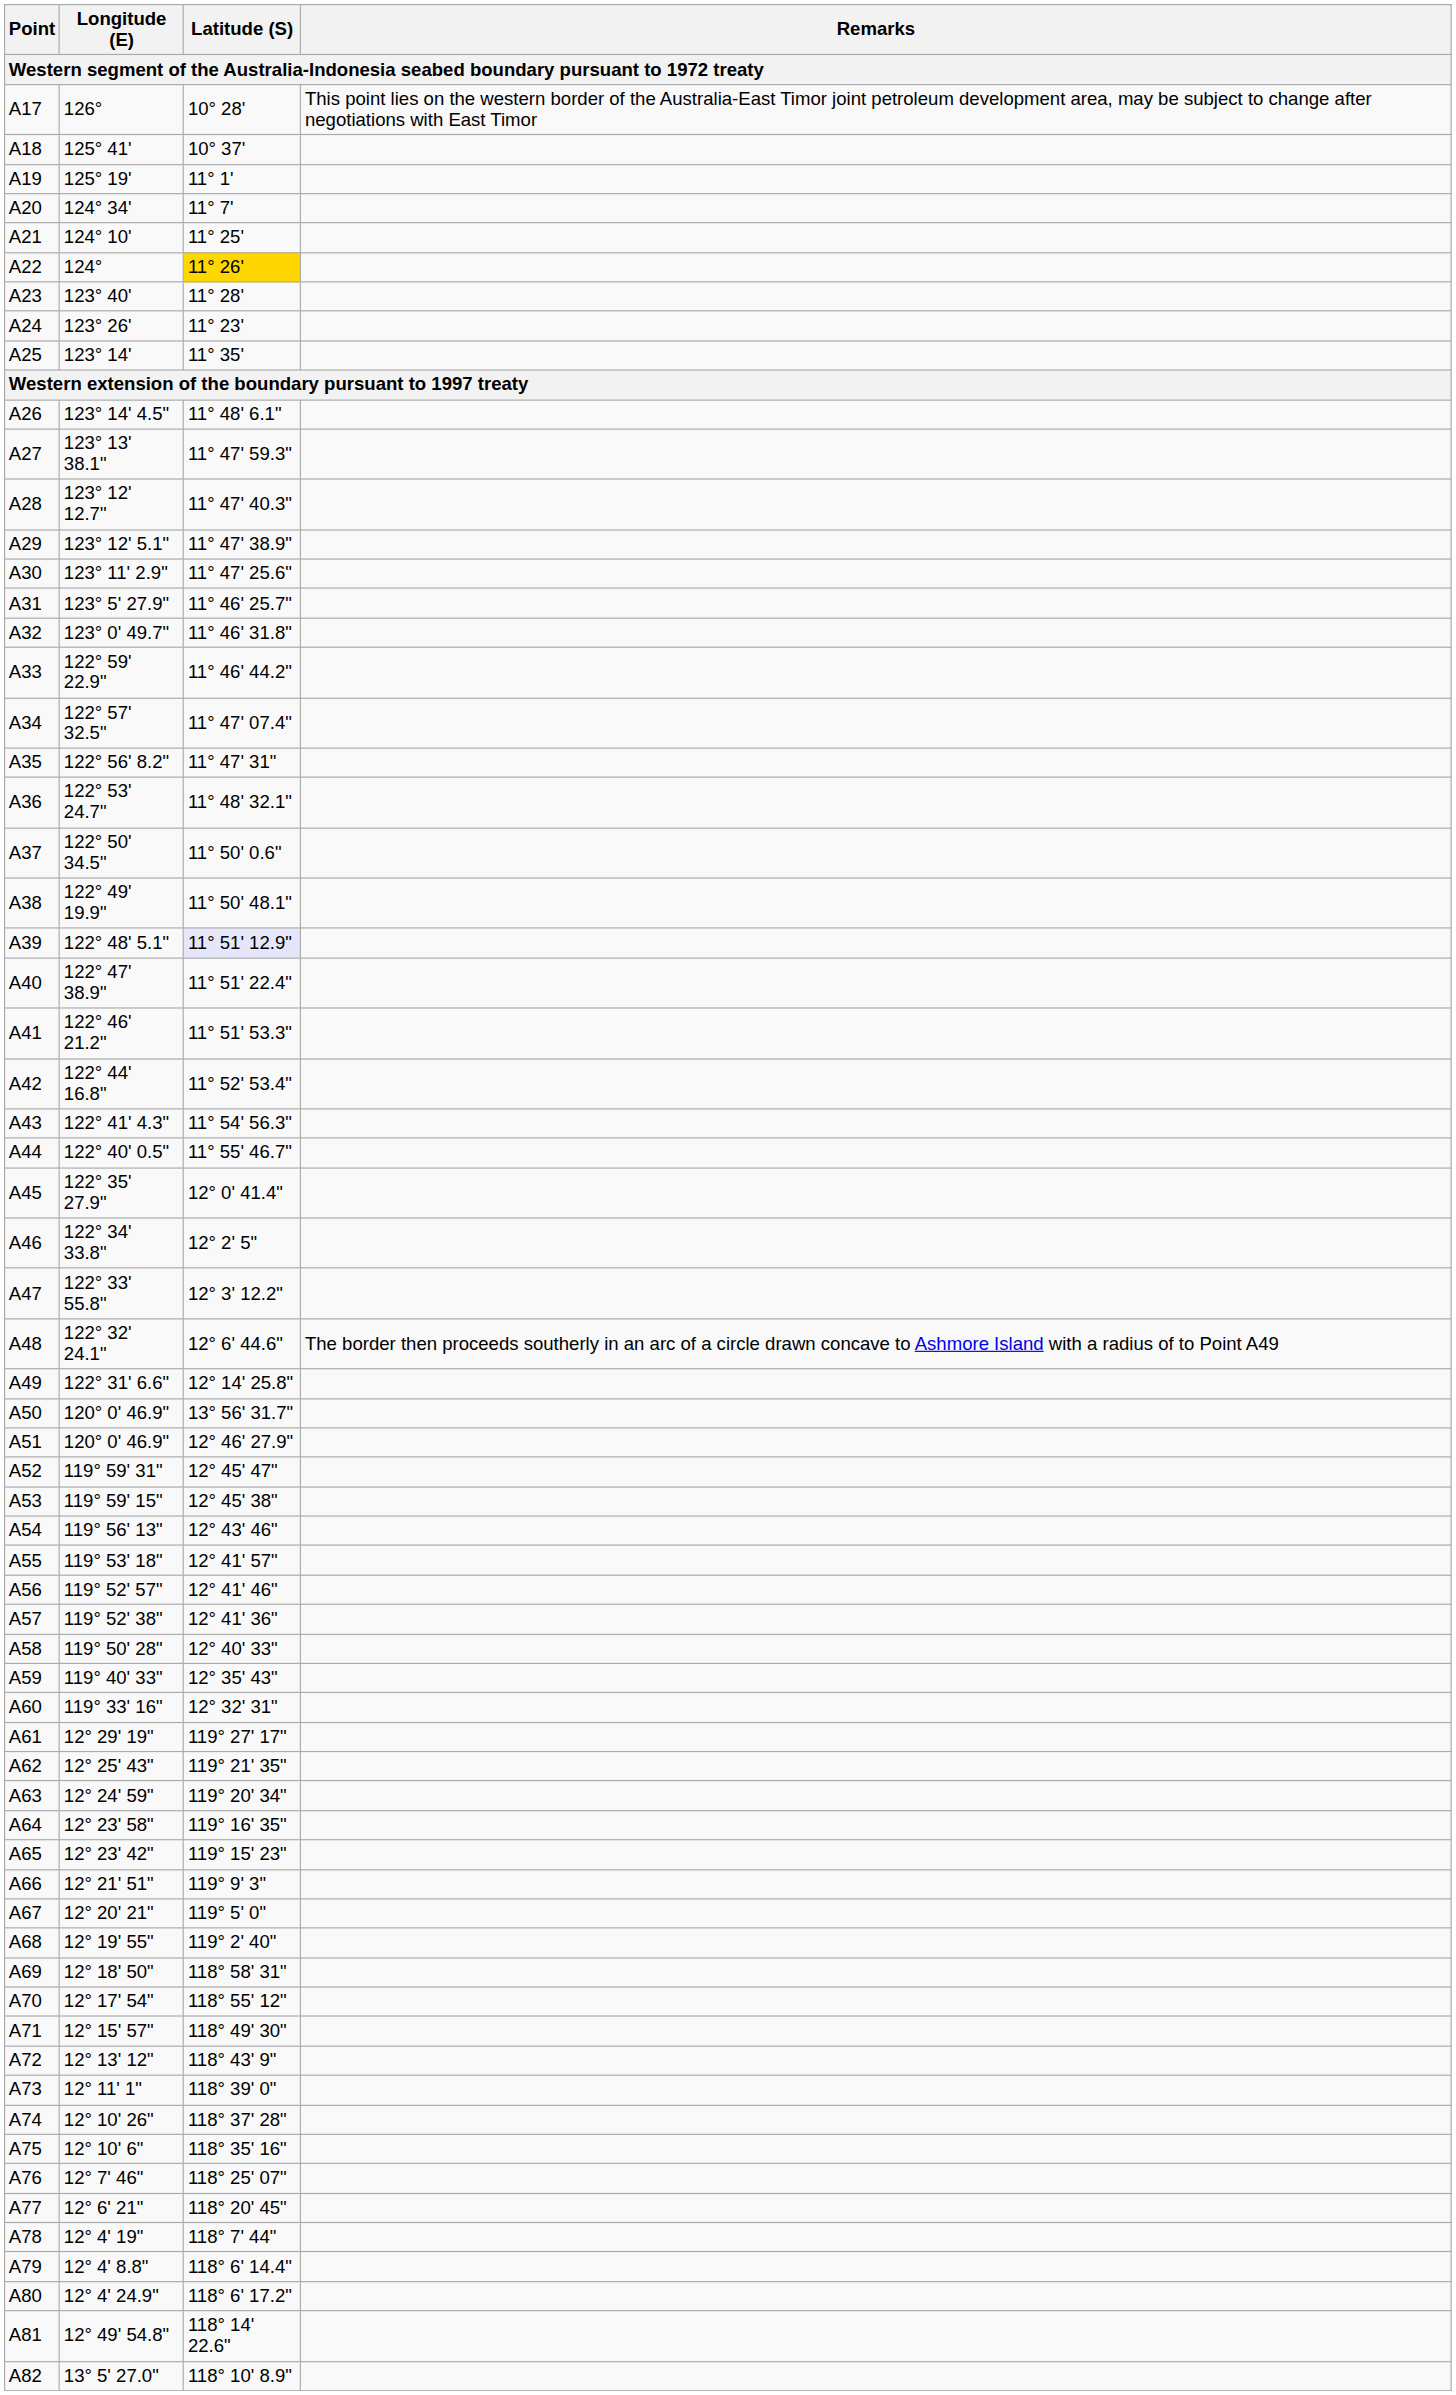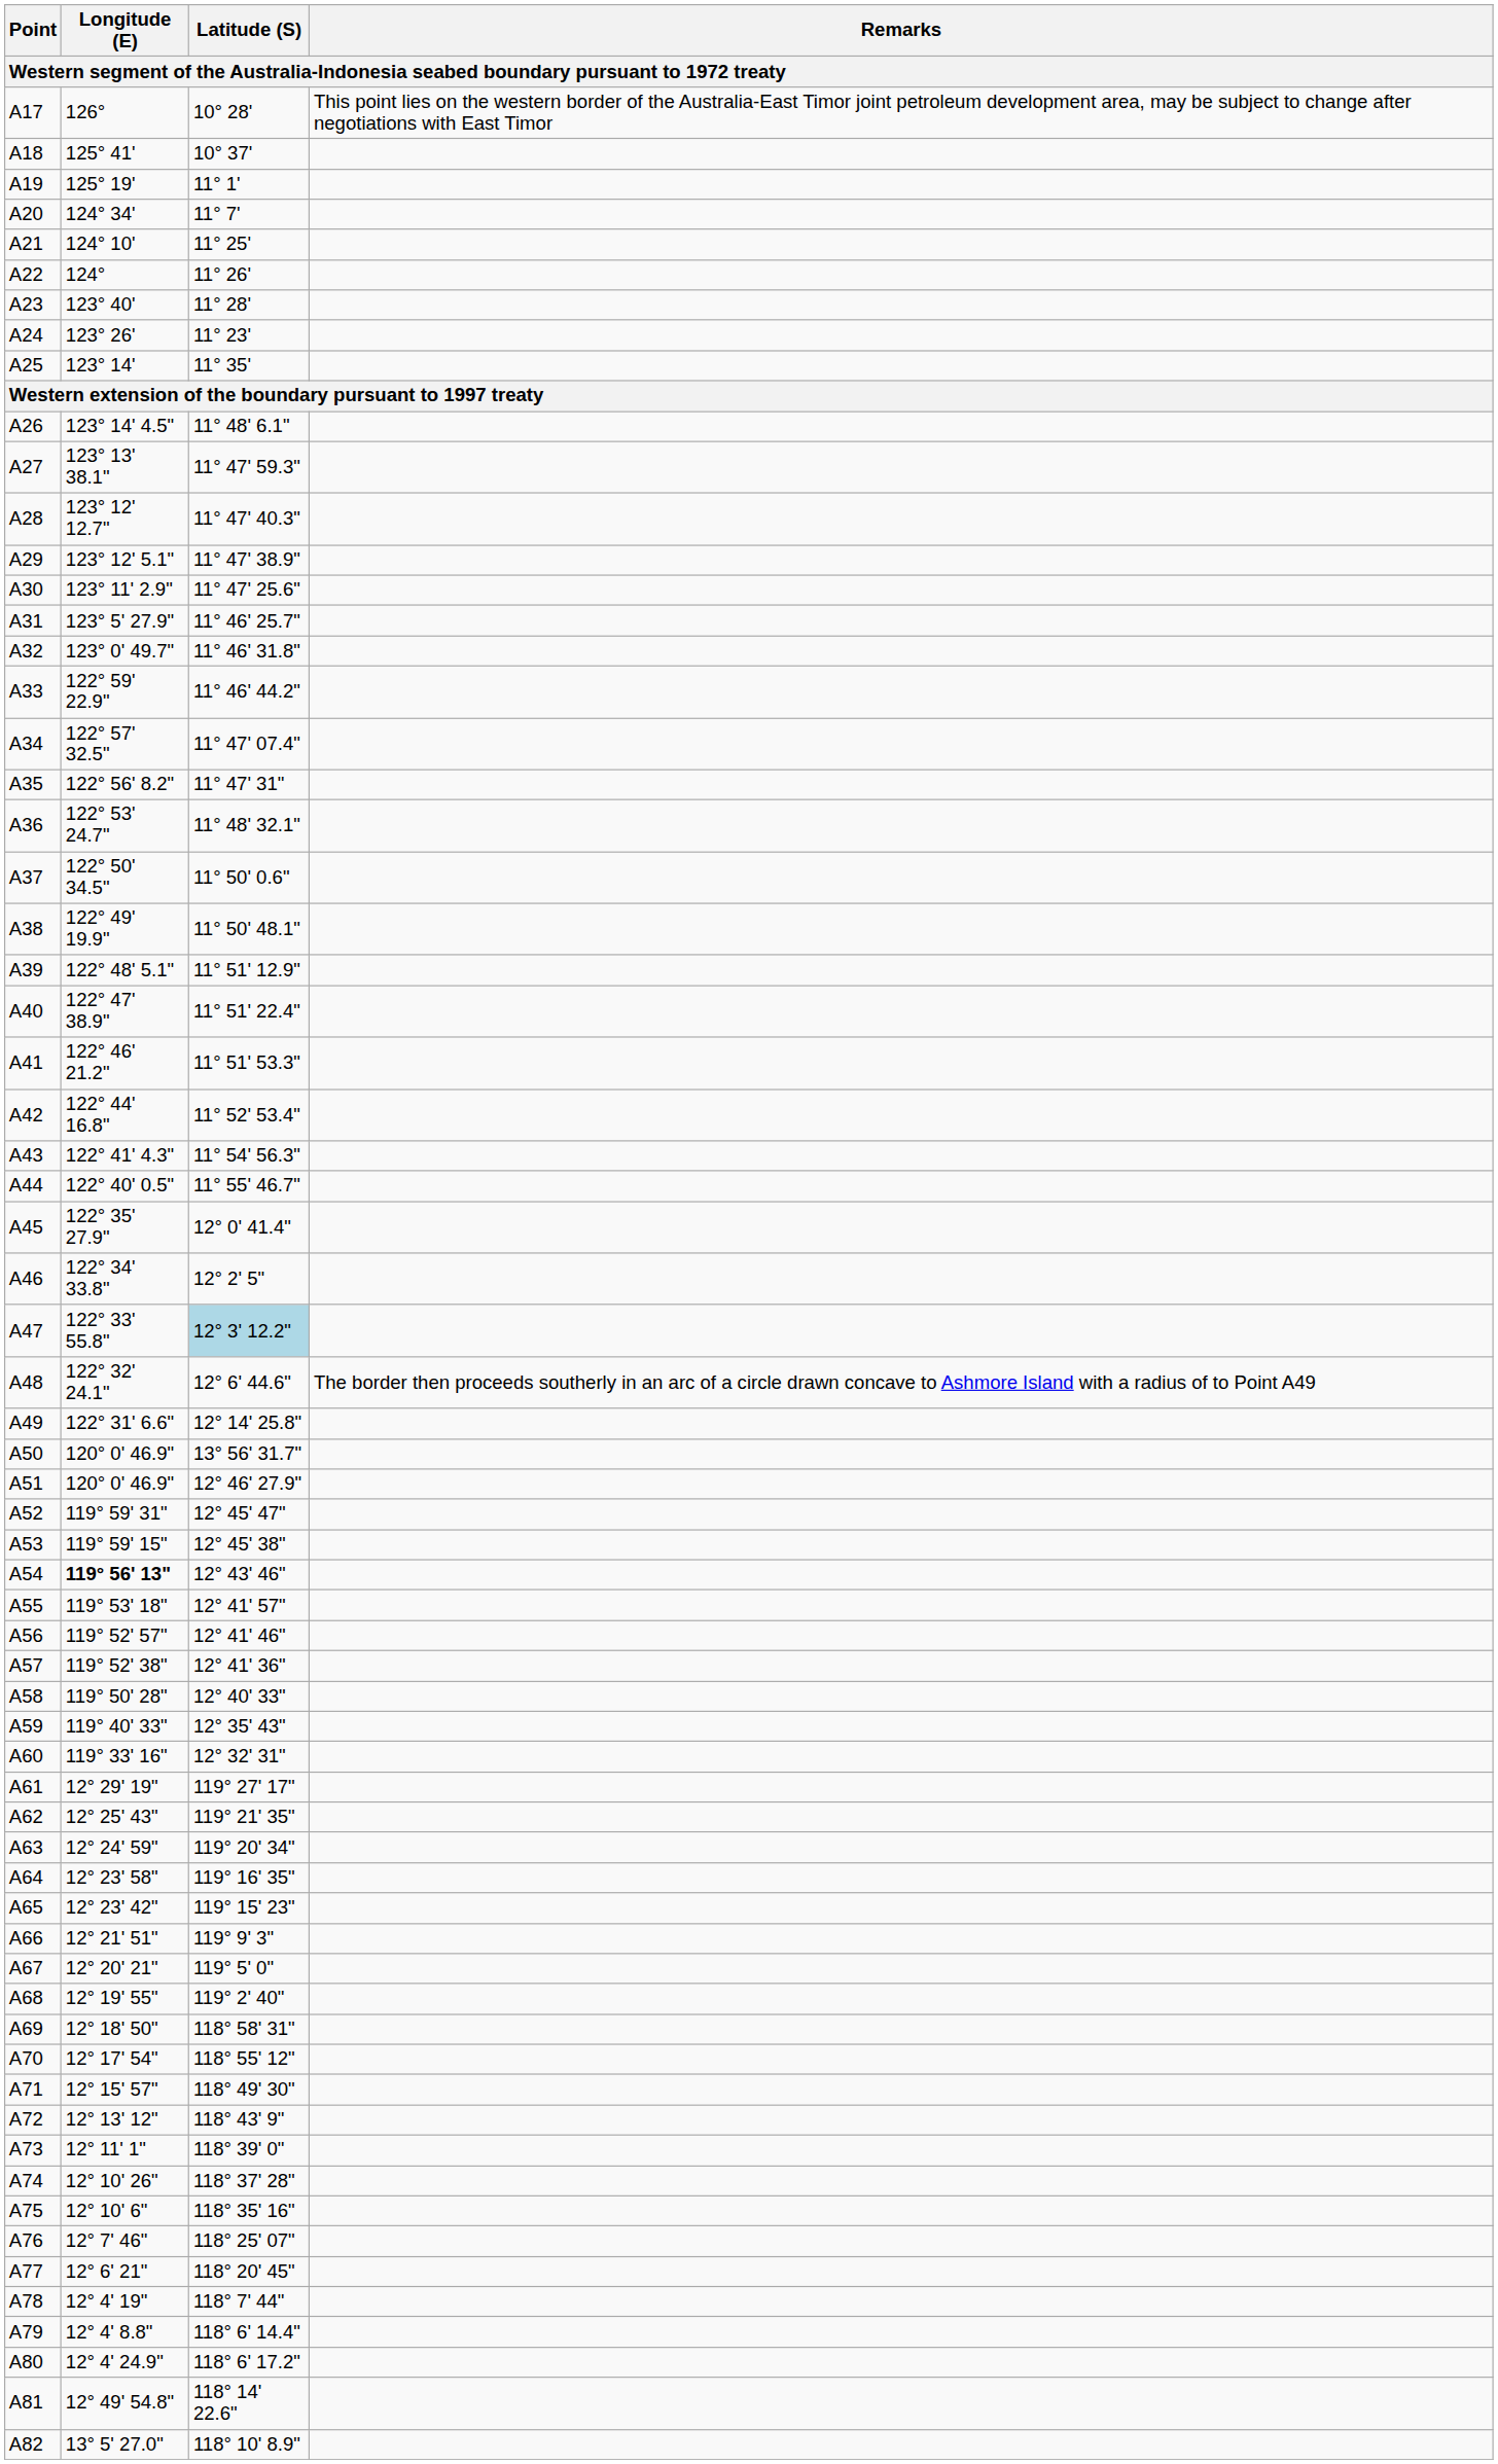 <table class="wikitable">
 <tr>
 <th>Point</th>
 <th>Longitude (E)</th>
 <th>Latitude (S)</th>
 <th>Remarks</th>
 </tr>
 <tr>
 <th colspan="5" style="text-align:left">Western segment of the Australia-Indonesia seabed boundary pursuant to 1972 treaty</th>
 </tr>
 <tr>
 <td>A17</td>
 <td>126°</td>
 <td>10° 28'</td>
 <td>This point lies on the western border of the Australia-East Timor joint petroleum development area, may be subject to change after negotiations with East Timor</td>
 </tr>
 <tr>
 <td>A18</td>
 <td>125° 41'</td>
 <td>10° 37'</td>
 <td></td>
 </tr>
 <tr>
 <td>A19</td>
 <td>125° 19'</td>
 <td>11° 1'</td>
 <td></td>
 </tr>
 <tr>
 <td>A20</td>
 <td>124° 34'</td>
 <td>11° 7'</td>
 <td></td>
 </tr>
 <tr>
 <td>A21</td>
 <td>124° 10'</td>
 <td>11° 25'</td>
 <td></td>
 </tr>
 <tr>
 <td>A22</td>
 <td>124°</td>
-<td style="background: gold;">11° 26'</td>
+<td>11° 26'</td>
 <td></td>
 </tr>
 <tr>
 <td>A23</td>
 <td>123° 40'</td>
 <td>11° 28'</td>
 <td></td>
 </tr>
 <tr>
 <td>A24</td>
 <td>123° 26'</td>
 <td>11° 23'</td>
 <td></td>
 </tr>
 <tr>
 <td>A25</td>
 <td>123° 14'</td>
 <td>11° 35'</td>
 <td></td>
 </tr>
 <tr>
 <th colspan="5" style="text-align:left">Western extension of the boundary pursuant to 1997 treaty</th>
 </tr>
 <tr>
 <td>A26</td>
 <td>123° 14' 4.5"</td>
 <td>11° 48' 6.1"</td>
 <td></td>
 </tr>
 <tr>
 <td>A27</td>
 <td>123° 13' 38.1"</td>
 <td>11° 47' 59.3"</td>
 <td></td>
 </tr>
 <tr>
 <td>A28</td>
 <td>123° 12' 12.7"</td>
 <td>11° 47' 40.3"</td>
 <td></td>
 </tr>
 <tr>
 <td>A29</td>
 <td>123° 12' 5.1"</td>
 <td>11° 47' 38.9"</td>
 <td></td>
 </tr>
 <tr>
 <td>A30</td>
 <td>123° 11' 2.9"</td>
 <td>11° 47' 25.6"</td>
 <td></td>
 </tr>
 <tr>
 <td>A31</td>
 <td>123° 5' 27.9"</td>
 <td>11° 46' 25.7"</td>
 <td></td>
 </tr>
 <tr>
 <td>A32</td>
 <td>123° 0' 49.7"</td>
 <td>11° 46' 31.8"</td>
 <td></td>
 </tr>
 <tr>
 <td>A33</td>
 <td>122° 59' 22.9"</td>
 <td>11° 46' 44.2"</td>
 <td></td>
 </tr>
 <tr>
 <td>A34</td>
 <td>122° 57' 32.5"</td>
 <td>11° 47' 07.4"</td>
 <td></td>
 </tr>
 <tr>
 <td>A35</td>
 <td>122° 56' 8.2"</td>
 <td>11° 47' 31"</td>
 <td></td>
 </tr>
 <tr>
 <td>A36</td>
 <td>122° 53' 24.7"</td>
 <td>11° 48' 32.1"</td>
 <td></td>
 </tr>
 <tr>
 <td>A37</td>
 <td>122° 50' 34.5"</td>
 <td>11° 50' 0.6"</td>
 <td></td>
 </tr>
 <tr>
 <td>A38</td>
 <td>122° 49' 19.9"</td>
 <td>11° 50' 48.1"</td>
 <td></td>
 </tr>
 <tr>
 <td>A39</td>
 <td>122° 48' 5.1"</td>
-<td style="background: lavender;">11° 51' 12.9"</td>
+<td>11° 51' 12.9"</td>
 <td></td>
 </tr>
 <tr>
 <td>A40</td>
 <td>122° 47' 38.9"</td>
 <td>11° 51' 22.4"</td>
 <td></td>
 </tr>
 <tr>
 <td>A41</td>
 <td>122° 46' 21.2"</td>
 <td>11° 51' 53.3"</td>
 <td></td>
 </tr>
 <tr>
 <td>A42</td>
 <td>122° 44' 16.8"</td>
 <td>11° 52' 53.4"</td>
 <td></td>
 </tr>
 <tr>
 <td>A43</td>
 <td>122° 41' 4.3"</td>
 <td>11° 54' 56.3"</td>
 <td></td>
 </tr>
 <tr>
 <td>A44</td>
 <td>122° 40' 0.5"</td>
 <td>11° 55' 46.7"</td>
 <td></td>
 </tr>
 <tr>
 <td>A45</td>
 <td>122° 35' 27.9"</td>
 <td>12° 0' 41.4"</td>
 <td></td>
 </tr>
 <tr>
 <td>A46</td>
 <td>122° 34' 33.8"</td>
 <td>12° 2' 5"</td>
 <td></td>
 </tr>
 <tr>
 <td>A47</td>
 <td>122° 33' 55.8"</td>
-<td>12° 3' 12.2"</td>
+<td style="background: lightblue;">12° 3' 12.2"</td>
 <td></td>
 </tr>
 <tr>
 <td>A48</td>
 <td>122° 32' 24.1"</td>
 <td>12° 6' 44.6"</td>
 <td>The border then proceeds southerly in an arc of a circle drawn concave to <a href='#'>Ashmore Island</a> with a radius of  to Point A49</td>
 </tr>
 <tr>
 <td>A49</td>
 <td>122° 31' 6.6"</td>
 <td>12° 14' 25.8"</td>
 <td></td>
 </tr>
 <tr>
 <td>A50</td>
 <td>120° 0' 46.9"</td>
 <td>13° 56' 31.7"</td>
 <td></td>
 </tr>
 <tr>
 <td>A51</td>
 <td>120° 0' 46.9"</td>
 <td>12° 46' 27.9"</td>
 <td></td>
 </tr>
 <tr>
 <td>A52</td>
 <td>119° 59' 31"</td>
 <td>12° 45' 47"</td>
 <td></td>
 </tr>
 <tr>
 <td>A53</td>
 <td>119° 59' 15"</td>
 <td>12° 45' 38"</td>
 <td></td>
 </tr>
 <tr>
 <td>A54</td>
-<td>119° 56' 13"</td>
+<td><strong>119° 56' 13"</strong></td>
 <td>12° 43' 46"</td>
 <td></td>
 </tr>
 <tr>
 <td>A55</td>
 <td>119° 53' 18"</td>
 <td>12° 41' 57"</td>
 <td></td>
 </tr>
 <tr>
 <td>A56</td>
 <td>119° 52' 57"</td>
 <td>12° 41' 46"</td>
 <td></td>
 </tr>
 <tr>
 <td>A57</td>
 <td>119° 52' 38"</td>
 <td>12° 41' 36"</td>
 <td></td>
 </tr>
 <tr>
 <td>A58</td>
 <td>119° 50' 28"</td>
 <td>12° 40' 33"</td>
 <td></td>
 </tr>
 <tr>
 <td>A59</td>
 <td>119° 40' 33"</td>
 <td>12° 35' 43"</td>
 <td></td>
 </tr>
 <tr>
 <td>A60</td>
 <td>119° 33' 16"</td>
 <td>12° 32' 31"</td>
 <td></td>
 </tr>
 <tr>
 <td>A61</td>
 <td>12° 29' 19"</td>
 <td>119° 27' 17"</td>
 <td></td>
 </tr>
 <tr>
 <td>A62</td>
 <td>12° 25' 43"</td>
 <td>119° 21' 35"</td>
 <td></td>
 </tr>
 <tr>
 <td>A63</td>
 <td>12° 24' 59"</td>
 <td>119° 20' 34"</td>
 <td></td>
 </tr>
 <tr>
 <td>A64</td>
 <td>12° 23' 58"</td>
 <td>119° 16' 35"</td>
 <td></td>
 </tr>
 <tr>
 <td>A65</td>
 <td>12° 23' 42"</td>
 <td>119° 15' 23"</td>
 <td></td>
 </tr>
 <tr>
 <td>A66</td>
 <td>12° 21' 51"</td>
 <td>119° 9' 3"</td>
 <td></td>
 </tr>
 <tr>
 <td>A67</td>
 <td>12° 20' 21"</td>
 <td>119° 5' 0"</td>
 <td></td>
 </tr>
 <tr>
 <td>A68</td>
 <td>12° 19' 55"</td>
 <td>119° 2' 40"</td>
 <td></td>
 </tr>
 <tr>
 <td>A69</td>
 <td>12° 18' 50"</td>
 <td>118° 58' 31"</td>
 <td></td>
 </tr>
 <tr>
 <td>A70</td>
 <td>12° 17' 54"</td>
 <td>118° 55' 12"</td>
 <td></td>
 </tr>
 <tr>
 <td>A71</td>
 <td>12° 15' 57"</td>
 <td>118° 49' 30"</td>
 <td></td>
 </tr>
 <tr>
 <td>A72</td>
 <td>12° 13' 12"</td>
 <td>118° 43' 9"</td>
 <td></td>
 </tr>
 <tr>
 <td>A73</td>
 <td>12° 11' 1"</td>
 <td>118° 39' 0"</td>
 <td></td>
 </tr>
 <tr>
 <td>A74</td>
 <td>12° 10' 26"</td>
 <td>118° 37' 28"</td>
 <td></td>
 </tr>
 <tr>
 <td>A75</td>
 <td>12° 10' 6"</td>
 <td>118° 35' 16"</td>
 <td></td>
 </tr>
 <tr>
 <td>A76</td>
 <td>12° 7' 46"</td>
 <td>118° 25' 07"</td>
 <td></td>
 </tr>
 <tr>
 <td>A77</td>
 <td>12° 6' 21"</td>
 <td>118° 20' 45"</td>
 <td></td>
 </tr>
 <tr>
 <td>A78</td>
 <td>12° 4' 19"</td>
 <td>118° 7' 44"</td>
 <td></td>
 </tr>
 <tr>
 <td>A79</td>
 <td>12° 4' 8.8"</td>
 <td>118° 6' 14.4"</td>
 <td></td>
 </tr>
 <tr>
 <td>A80</td>
 <td>12° 4' 24.9"</td>
 <td>118° 6' 17.2"</td>
 <td></td>
 </tr>
 <tr>
 <td>A81</td>
 <td>12° 49' 54.8"</td>
 <td>118° 14' 22.6"</td>
 <td></td>
 </tr>
 <tr>
 <td>A82</td>
 <td>13° 5' 27.0"</td>
 <td>118° 10' 8.9"</td>
 <td></td>
 </tr>
 </table>
